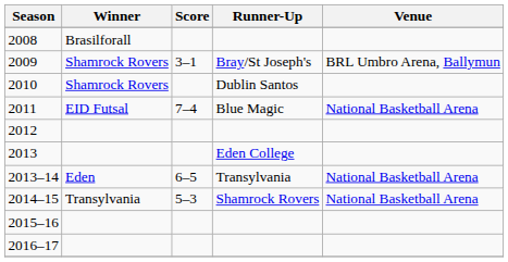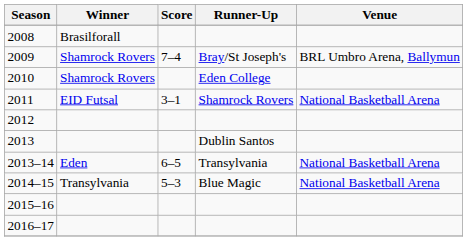 <table class="wikitable collapsible ">
 <tr>
 <th>Season</th>
 <th>Winner</th>
 <th>Score</th>
 <th>Runner-Up</th>
 <th>Venue</th>
 </tr>
 <tr 15B.C>
 </tr>
 <tr>
 <td>2008</td>
 <td>Brasilforall</td>
 <td></td>
 <td></td>
 <td></td>
 </tr>
 <tr>
 <td>2009</td>
 <td><a href='#'>Shamrock Rovers</a></td>
-<td>3–1 </td>
+<td>7–4</td>
 <td><a href='#'>Bray</a>/St Joseph's</td>
 <td>BRL Umbro Arena, <a href='#'>Ballymun</a></td>
 </tr>
 <tr>
 <td>2010</td>
 <td><a href='#'>Shamrock Rovers</a></td>
 <td></td>
-<td>Dublin Santos </td>
+<td><a href='#'>Eden College</a></td>
 <td></td>
 </tr>
 <tr>
 <td>2011</td>
 <td><a href='#'>EID Futsal</a></td>
-<td>7–4</td>
-<td>Blue Magic </td>
+<td>3–1 </td>
+<td><a href='#'>Shamrock Rovers</a></td>
 <td><a href='#'>National Basketball Arena</a></td>
 </tr>
 <tr>
 <td>2012</td>
 <td></td>
 <td></td>
 <td></td>
 <td></td>
 </tr>
 <tr>
 <td>2013</td>
 <td></td>
 <td></td>
-<td><a href='#'>Eden College</a></td>
+<td>Dublin Santos </td>
 <td></td>
 </tr>
 <tr>
 <td>2013–14</td>
 <td><a href='#'>Eden</a></td>
 <td>6–5</td>
 <td>Transylvania</td>
 <td><a href='#'>National Basketball Arena</a></td>
 </tr>
 <tr>
 <td>2014–15</td>
 <td>Transylvania </td>
 <td>5–3</td>
-<td><a href='#'>Shamrock Rovers</a></td>
+<td>Blue Magic </td>
 <td><a href='#'>National Basketball Arena</a></td>
 </tr>
 <tr>
 <td>2015–16</td>
 <td></td>
 <td></td>
 <td></td>
 <td></td>
 </tr>
 <tr>
 <td>2016–17</td>
 <td></td>
 <td></td>
 <td></td>
 <td></td>
 </tr>
 <tr>
 </tr>
 </table>
